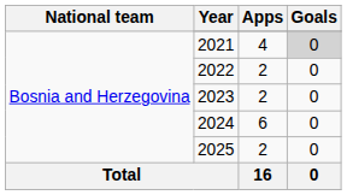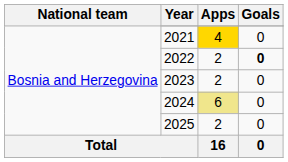 <table class="wikitable" style="text-align:center">
 <tr>
 <th>National team</th>
 <th>Year</th>
 <th>Apps</th>
 <th>Goals</th>
 </tr>
 <tr>
 <td rowspan=6><a href='#'>Bosnia and Herzegovina</a></td>
 </tr>
 <tr>
 <td>2021</td>
-<td>4</td>
-<td style="background: lightgrey;">0</td>
+<td style="background: gold;">4</td>
+<td>0</td>
 </tr>
 <tr>
 <td>2022</td>
 <td>2</td>
-<td>0</td>
+<td><strong>0</strong></td>
 </tr>
 <tr>
 <td>2023</td>
 <td>2</td>
 <td>0</td>
 </tr>
 <tr>
 <td>2024</td>
-<td>6</td>
+<td style="background: khaki;">6</td>
 <td>0</td>
 </tr>
 <tr>
 <td>2025</td>
 <td>2</td>
 <td>0</td>
 </tr>
 <tr>
 <th colspan=2>Total</th>
 <th>16</th>
 <th>0</th>
 </tr>
 </table>
